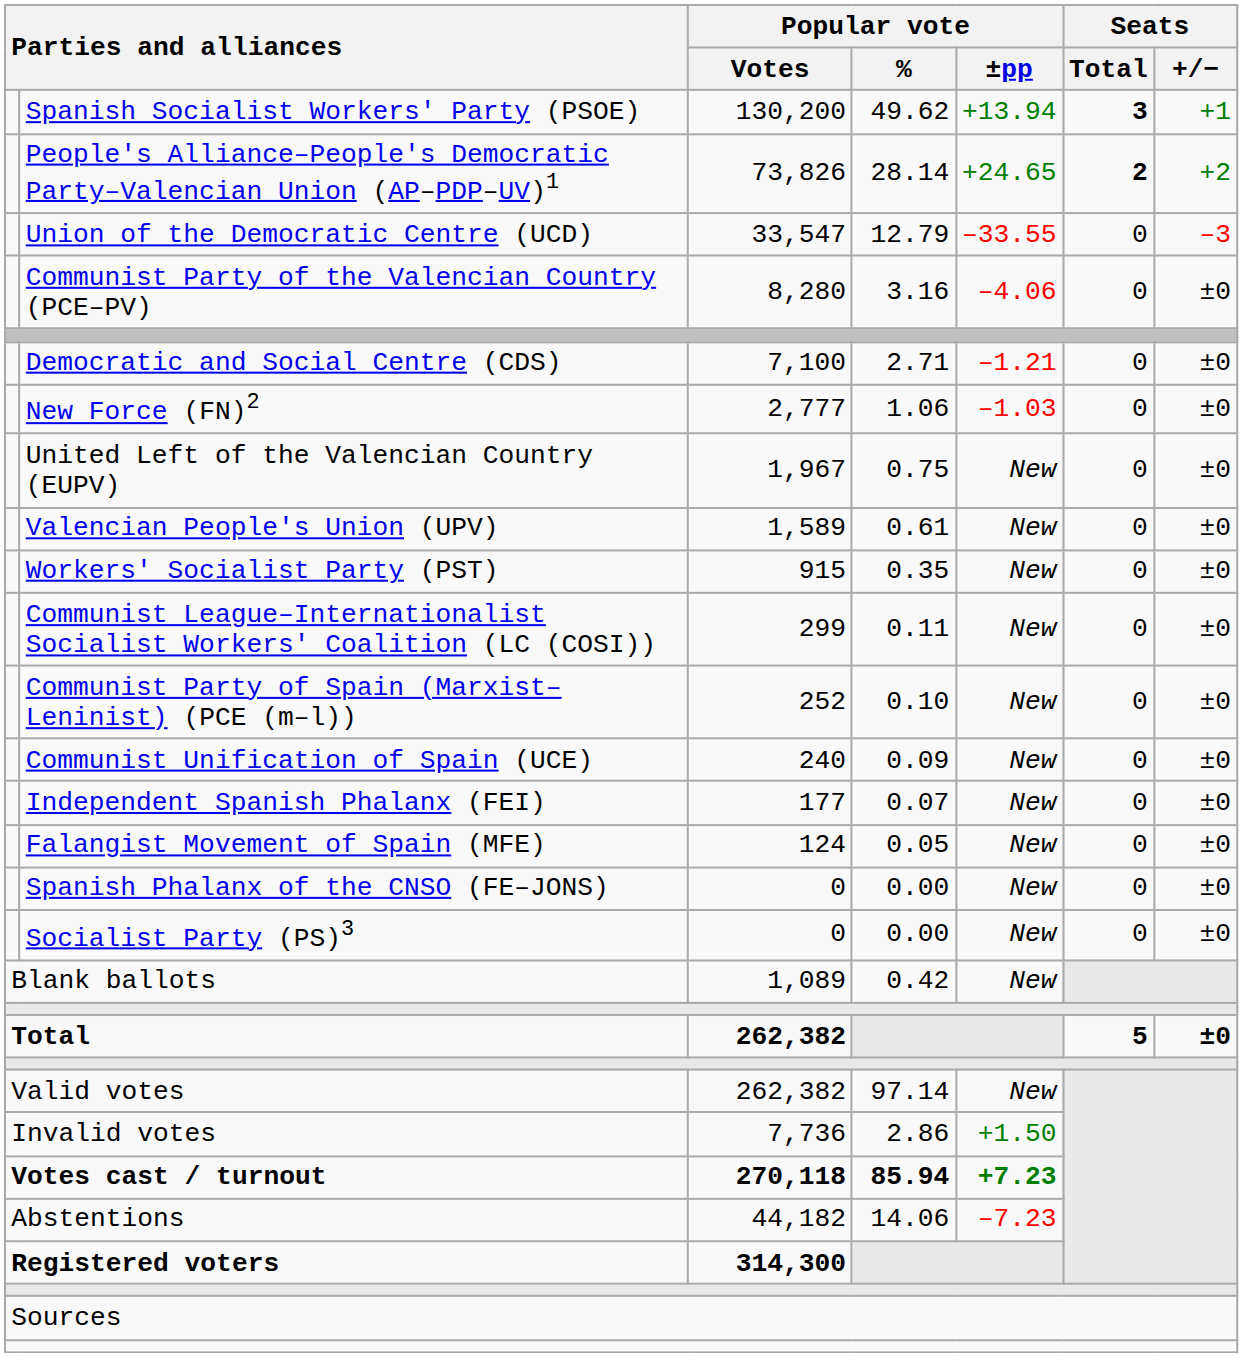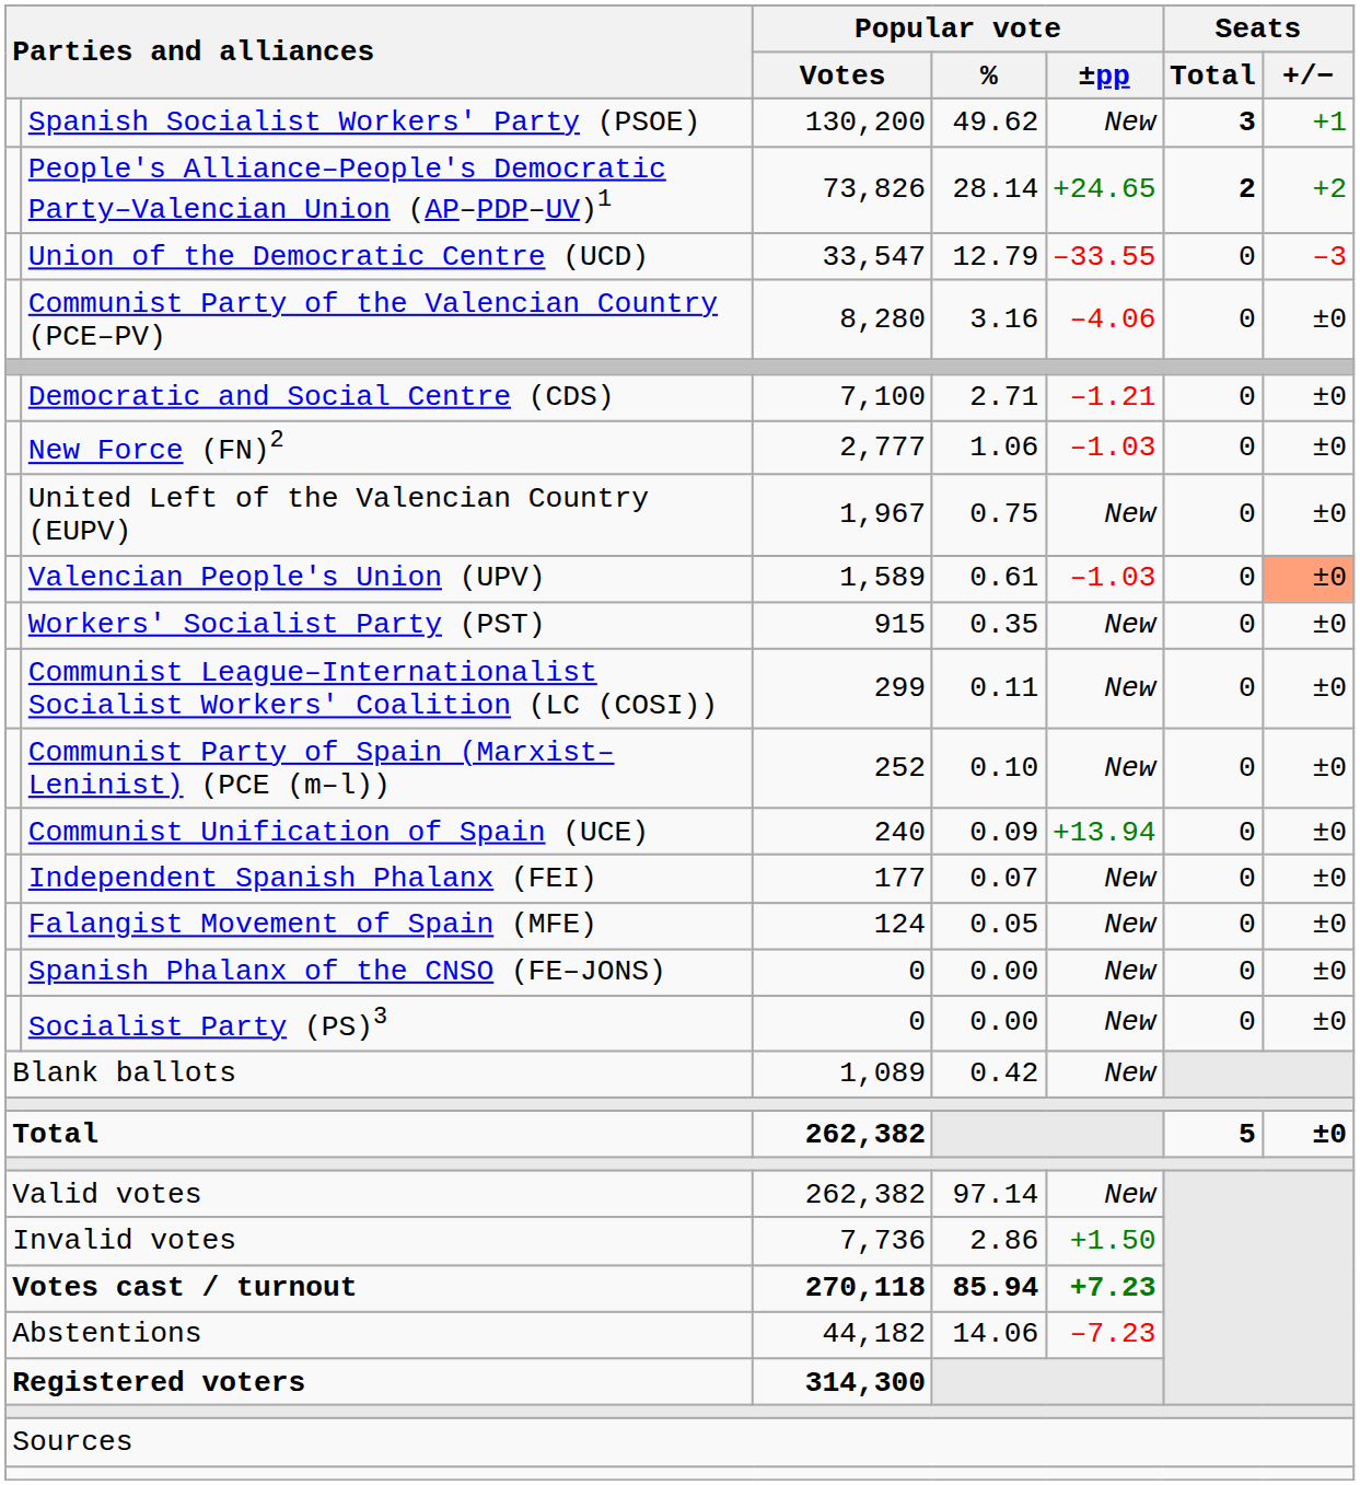 <table class="wikitable" style="text-align:right;">
 <tr>
 <th style="text-align:left;" rowspan="2" colspan="2" width="525">Parties and alliances</th>
 <th colspan="3">Popular vote</th>
 <th colspan="2">Seats</th>
 </tr>
 <tr>
 <th width="75">Votes</th>
 <th width="45">%</th>
 <th width="45">±<a href='#'>pp</a></th>
 <th width="35">Total</th>
 <th width="35">+/−</th>
 </tr>
 <tr>
 <td width="1" style="color:inherit;background:"></td>
 <td align="left"><a href='#'>Spanish Socialist Workers' Party</a> (PSOE)</td>
 <td>130,200</td>
 <td>49.62</td>
-<td style="color:green;">+13.94</td>
+<td><em>New</em></td>
 <td><strong>3</strong></td>
 <td style="color:green;">+1</td>
 </tr>
 <tr>
 <td style="color:inherit;background:"></td>
 <td align="left"><a href='#'>People's Alliance–People's Democratic Party–Valencian Union</a> (<a href='#'>AP</a>–<a href='#'>PDP</a>–<a href='#'>UV</a>)<sup>1</sup></td>
 <td>73,826</td>
 <td>28.14</td>
 <td style="color:green;">+24.65</td>
 <td><strong>2</strong></td>
 <td style="color:green;">+2</td>
 </tr>
 <tr>
 <td style="color:inherit;background:"></td>
 <td align="left"><a href='#'>Union of the Democratic Centre</a> (UCD)</td>
 <td>33,547</td>
 <td>12.79</td>
 <td style="color:red;">–33.55</td>
 <td>0</td>
 <td style="color:red;">–3</td>
 </tr>
 <tr>
 <td style="color:inherit;background:"></td>
 <td align="left"><a href='#'>Communist Party of the Valencian Country</a> (PCE–PV)</td>
 <td>8,280</td>
 <td>3.16</td>
 <td style="color:red;">–4.06</td>
 <td>0</td>
 <td>±0</td>
 </tr>
 <tr>
 <td colspan="7" bgcolor="#C0C0C0"></td>
 </tr>
 <tr>
 <td style="color:inherit;background:"></td>
 <td align="left"><a href='#'>Democratic and Social Centre</a> (CDS)</td>
 <td>7,100</td>
 <td>2.71</td>
 <td style="color:red;">–1.21</td>
 <td>0</td>
 <td>±0</td>
 </tr>
 <tr>
 <td style="color:inherit;background:"></td>
 <td align="left"><a href='#'>New Force</a> (FN)<sup>2</sup></td>
 <td>2,777</td>
 <td>1.06</td>
 <td style="color:red;">–1.03</td>
 <td>0</td>
 <td>±0</td>
 </tr>
 <tr>
 <td style="color:inherit;background:"></td>
 <td align="left">United Left of the Valencian Country (EUPV)</td>
 <td>1,967</td>
 <td>0.75</td>
 <td><em>New</em></td>
 <td>0</td>
 <td>±0</td>
 </tr>
 <tr>
 <td style="color:inherit;background:"></td>
 <td align="left"><a href='#'>Valencian People's Union</a> (UPV)</td>
 <td>1,589</td>
 <td>0.61</td>
-<td><em>New</em></td>
+<td style="color:red;">–1.03</td>
 <td>0</td>
-<td>±0</td>
+<td style="background: lightsalmon;">±0</td>
 </tr>
 <tr>
 <td style="color:inherit;background:"></td>
 <td align="left"><a href='#'>Workers' Socialist Party</a> (PST)</td>
 <td>915</td>
 <td>0.35</td>
 <td><em>New</em></td>
 <td>0</td>
 <td>±0</td>
 </tr>
 <tr>
 <td style="color:inherit;background:"></td>
 <td align="left"><a href='#'>Communist League–Internationalist Socialist Workers' Coalition</a> (LC (COSI))</td>
 <td>299</td>
 <td>0.11</td>
 <td><em>New</em></td>
 <td>0</td>
 <td>±0</td>
 </tr>
 <tr>
 <td style="color:inherit;background:"></td>
 <td align="left"><a href='#'>Communist Party of Spain (Marxist–Leninist)</a> (PCE (m–l))</td>
 <td>252</td>
 <td>0.10</td>
 <td><em>New</em></td>
 <td>0</td>
 <td>±0</td>
 </tr>
 <tr>
 <td style="color:inherit;background:"></td>
 <td align="left"><a href='#'>Communist Unification of Spain</a> (UCE)</td>
 <td>240</td>
 <td>0.09</td>
-<td><em>New</em></td>
+<td style="color:green;">+13.94</td>
 <td>0</td>
 <td>±0</td>
 </tr>
 <tr>
 <td style="color:inherit;background:"></td>
 <td align="left"><a href='#'>Independent Spanish Phalanx</a> (FEI)</td>
 <td>177</td>
 <td>0.07</td>
 <td><em>New</em></td>
 <td>0</td>
 <td>±0</td>
 </tr>
 <tr>
 <td style="color:inherit;background:"></td>
 <td align="left"><a href='#'>Falangist Movement of Spain</a> (MFE)</td>
 <td>124</td>
 <td>0.05</td>
 <td><em>New</em></td>
 <td>0</td>
 <td>±0</td>
 </tr>
 <tr>
 <td style="color:inherit;background:"></td>
 <td align="left"><a href='#'>Spanish Phalanx of the CNSO</a> (FE–JONS)</td>
 <td>0</td>
 <td>0.00</td>
 <td><em>New</em></td>
 <td>0</td>
 <td>±0</td>
 </tr>
 <tr>
 <td style="color:inherit;background:"></td>
 <td align="left"><a href='#'>Socialist Party</a> (PS)<sup>3</sup></td>
 <td>0</td>
 <td>0.00</td>
 <td><em>New</em></td>
 <td>0</td>
 <td>±0</td>
 </tr>
 <tr>
 <td align="left" colspan="2">Blank ballots</td>
 <td>1,089</td>
 <td>0.42</td>
 <td><em>New</em></td>
 <td bgcolor="#E9E9E9" colspan="2"></td>
 </tr>
 <tr>
 <td colspan="7" bgcolor="#E9E9E9"></td>
 </tr>
 <tr style="font-weight:bold;">
 <td align="left" colspan="2">Total</td>
 <td>262,382</td>
 <td bgcolor="#E9E9E9" colspan="2"></td>
 <td>5</td>
 <td>±0</td>
 </tr>
 <tr>
 <td colspan="7" bgcolor="#E9E9E9"></td>
 </tr>
 <tr>
 <td align="left" colspan="2">Valid votes</td>
 <td>262,382</td>
 <td>97.14</td>
 <td><em>New</em></td>
 <td bgcolor="#E9E9E9" colspan="2" rowspan="5"></td>
 </tr>
 <tr>
 <td align="left" colspan="2">Invalid votes</td>
 <td>7,736</td>
 <td>2.86</td>
 <td style="color:green;">+1.50</td>
 </tr>
 <tr style="font-weight:bold;">
 <td align="left" colspan="2">Votes cast / turnout</td>
 <td>270,118</td>
 <td>85.94</td>
 <td style="color:green;">+7.23</td>
 </tr>
 <tr>
 <td align="left" colspan="2">Abstentions</td>
 <td>44,182</td>
 <td>14.06</td>
 <td style="color:red;">–7.23</td>
 </tr>
 <tr style="font-weight:bold;">
 <td align="left" colspan="2">Registered voters</td>
 <td>314,300</td>
 <td bgcolor="#E9E9E9" colspan="2"></td>
 </tr>
 <tr>
 <td colspan="7" bgcolor="#E9E9E9"></td>
 </tr>
 <tr>
 <td align="left" colspan="7">Sources</td>
 </tr>
 <tr>
 <td colspan="7" style="text-align:left; max-width:790px;"></td>
 </tr>
 </table>
